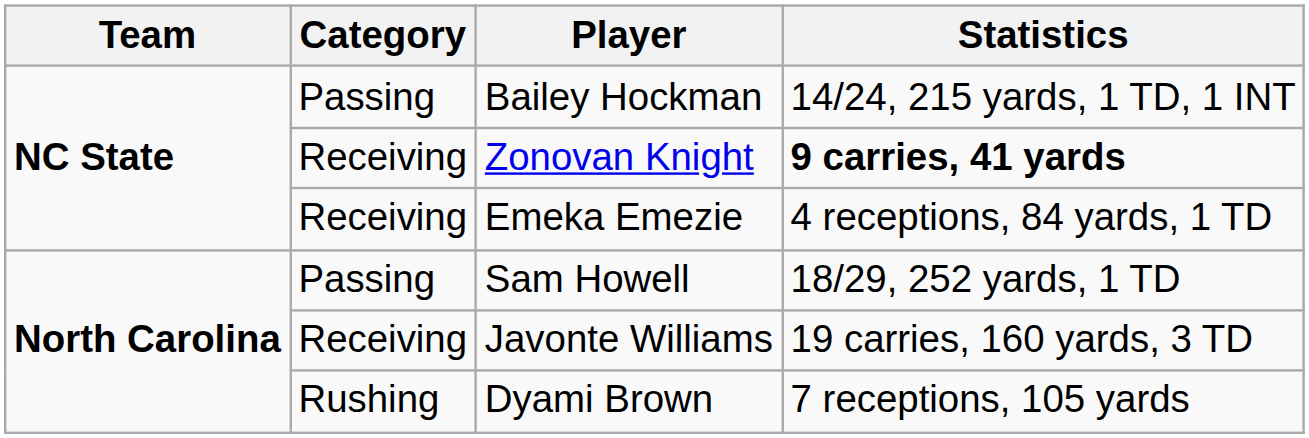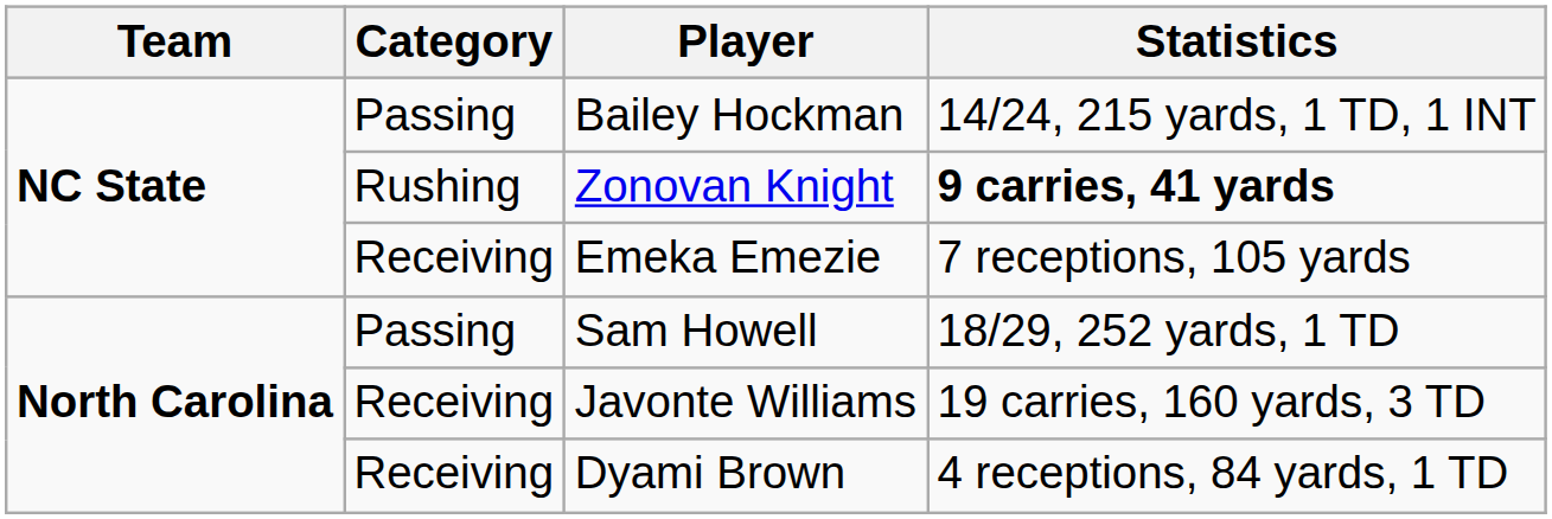 <table class="wikitable" style="float: left;">
 <tr>
 <th>Team</th>
 <th>Category</th>
 <th>Player</th>
 <th>Statistics</th>
 </tr>
 <tr>
 <td rowspan=3><strong>NC State</strong></td>
 <td>Passing</td>
 <td>Bailey Hockman</td>
 <td>14/24, 215 yards, 1 TD, 1 INT</td>
 </tr>
 <tr>
-<td>Receiving</td>
+<td>Rushing</td>
 <td><a href='#'>Zonovan Knight</a></td>
 <td><strong>9 carries, 41 yards</strong></td>
 </tr>
 <tr>
 <td>Receiving</td>
 <td>Emeka Emezie</td>
-<td>4 receptions, 84 yards, 1 TD</td>
+<td>7 receptions, 105 yards</td>
 </tr>
 <tr>
 <td rowspan=3><strong>North Carolina</strong></td>
 <td>Passing</td>
 <td>Sam Howell</td>
 <td>18/29, 252 yards, 1 TD</td>
 </tr>
 <tr>
 <td>Receiving</td>
 <td>Javonte Williams</td>
 <td>19 carries, 160 yards, 3 TD</td>
 </tr>
 <tr>
-<td>Rushing</td>
+<td>Receiving</td>
 <td>Dyami Brown</td>
-<td>7 receptions, 105 yards</td>
+<td>4 receptions, 84 yards, 1 TD</td>
 </tr>
 </table>
